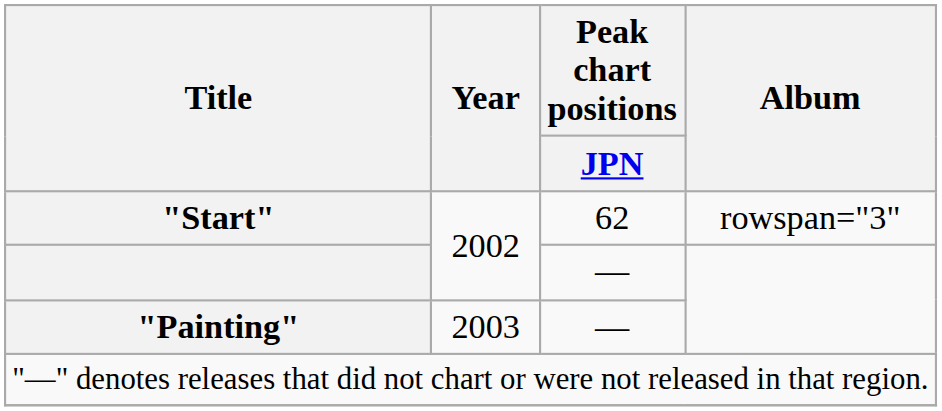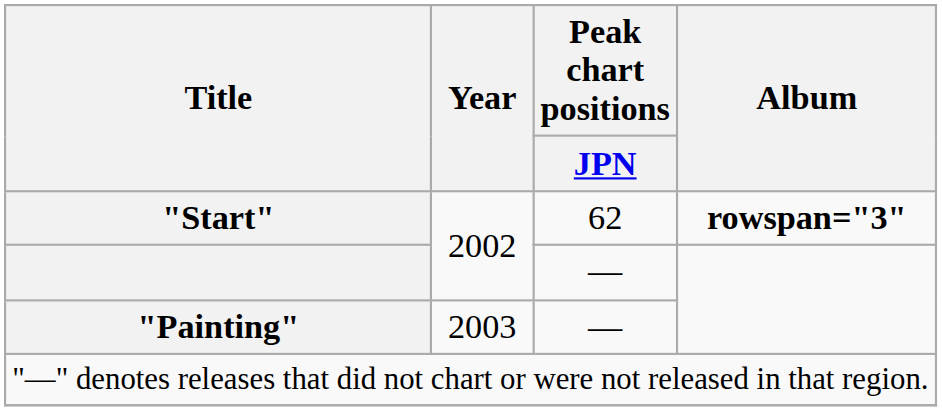 <table class="wikitable plainrowheaders" style="text-align:center;">
 <tr>
 <th rowspan="2" style="width:12em;">Title</th>
 <th rowspan="2">Year</th>
 <th colspan="1">Peak chart positions</th>
 <th rowspan="2">Album</th>
 </tr>
 <tr>
 <th width="30"><a href='#'>JPN</a></th>
 </tr>
 <tr>
 <th scope="row">"Start"</th>
 <td rowspan="2">2002</td>
 <td>62</td>
-<td>rowspan="3" </td>
+<td><strong>rowspan="3" </strong></td>
 </tr>
 <tr>
 <th scope="row"></th>
 <td>—</td>
 </tr>
 <tr>
 <th scope="row">"Painting"</th>
 <td>2003</td>
 <td>—</td>
 </tr>
 <tr>
 <td colspan="4" style="font-size:90%;">"—" denotes releases that did not chart or were not released in that region.</td>
 </tr>
 <tr>
 </tr>
 </table>
